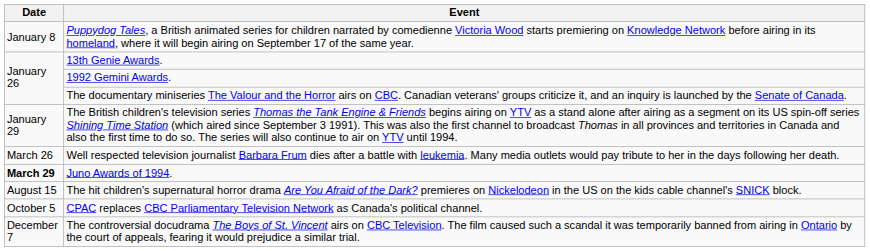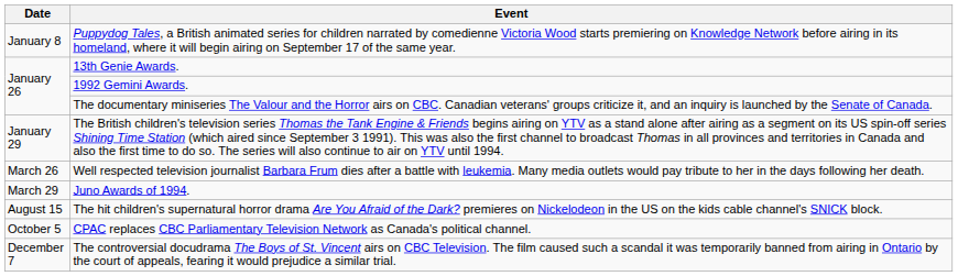 <table class="wikitable">
 <tr>
 <th>Date</th>
 <th>Event</th>
 </tr>
 <tr>
 <td>January 8</td>
 <td><em><a href='#'>Puppydog Tales</a></em>, a British animated series for children narrated by comedienne <a href='#'>Victoria Wood</a> starts premiering on <a href='#'>Knowledge Network</a> before airing in its <a href='#'>homeland</a>, where it will begin airing on September 17 of the same year.</td>
 </tr>
 <tr>
 <td rowspan="3">January 26</td>
 <td><a href='#'>13th Genie Awards</a>.</td>
 </tr>
 <tr>
 <td><a href='#'>1992 Gemini Awards</a>.</td>
 </tr>
 <tr>
 <td>The documentary miniseries <a href='#'>The Valour and the Horror</a> airs on <a href='#'>CBC</a>. Canadian veterans' groups criticize it, and an inquiry is launched by the <a href='#'>Senate of Canada</a>.</td>
 </tr>
 <tr>
 <td>January 29</td>
 <td>The British children's television series <em><a href='#'>Thomas the Tank Engine & Friends</a></em> begins airing on <a href='#'>YTV</a> as a stand alone after airing as a segment on its US spin-off series <em><a href='#'>Shining Time Station</a></em> (which aired since September 3 1991). This was also the first channel to broadcast <em>Thomas</em> in all provinces and territories in Canada and also the first time to do so. The series will also continue to air on <a href='#'>YTV</a> until 1994.</td>
 </tr>
 <tr>
 <td>March 26</td>
 <td>Well respected television journalist <a href='#'>Barbara Frum</a> dies after a battle with <a href='#'>leukemia</a>. Many media outlets would pay tribute to her in the days following her death.</td>
 </tr>
 <tr>
-<td><strong>March 29</strong></td>
+<td>March 29</td>
 <td><a href='#'>Juno Awards of 1994</a>.</td>
 </tr>
 <tr>
 <td>August 15</td>
 <td>The hit children's supernatural horror drama <em><a href='#'>Are You Afraid of the Dark?</a></em> premieres on <a href='#'>Nickelodeon</a> in the US on the kids cable channel's <a href='#'>SNICK</a> block.</td>
 </tr>
 <tr>
 <td>October 5</td>
 <td><a href='#'>CPAC</a> replaces <a href='#'>CBC Parliamentary Television Network</a> as Canada's political channel.</td>
 </tr>
 <tr>
 <td>December 7</td>
 <td>The controversial docudrama <em><a href='#'>The Boys of St. Vincent</a></em> airs on <a href='#'>CBC Television</a>. The film caused such a scandal it was temporarily banned from airing in <a href='#'>Ontario</a> by the court of appeals, fearing it would prejudice a similar trial.</td>
 </tr>
 </table>
